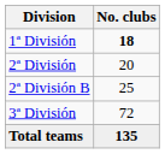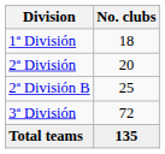 <table class="wikitable">
 <tr>
 <th>Division</th>
 <th>No. clubs</th>
 </tr>
 <tr>
 <td><a href='#'>1ª División</a></td>
-<td align=center><strong>18</strong></td>
+<td align=center>18</td>
 </tr>
 <tr>
 <td><a href='#'>2ª División</a></td>
 <td align=center>20</td>
 </tr>
 <tr>
 <td><a href='#'>2ª División B</a></td>
 <td align=center>25</td>
 </tr>
 <tr>
 <td><a href='#'>3ª División</a></td>
 <td align=center>72</td>
 </tr>
 <tr style="background:#efefef; font-weight:bold;">
 <td>Total teams</td>
 <td align=center>135</td>
 </tr>
 </table>
